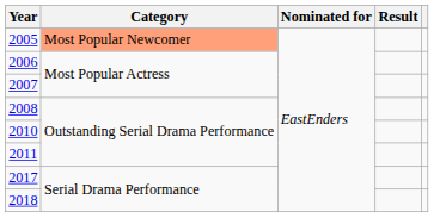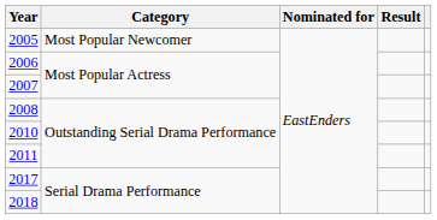 <table class="wikitable plainrowheaders">
 <tr>
 <th scope="col">Year</th>
 <th scope="col">Category</th>
 <th scope="col">Nominated for</th>
 <th scope="col">Result</th>
 <th scope="col"></th>
 </tr>
 <tr>
 <td align="center"><a href='#'>2005</a></td>
-<td style="background: lightsalmon;">Most Popular Newcomer</td>
+<td>Most Popular Newcomer</td>
 <td rowspan="8"><em>EastEnders</em></td>
 <td></td>
 <td align="center"></td>
 </tr>
 <tr>
 <td align="center"><a href='#'>2006</a></td>
 <td rowspan="2">Most Popular Actress</td>
 <td></td>
 <td align="center"></td>
 </tr>
 <tr>
 <td align="center"><a href='#'>2007</a></td>
 <td></td>
 <td align="center"></td>
 </tr>
 <tr>
 <td align="center"><a href='#'>2008</a></td>
 <td rowspan="3">Outstanding Serial Drama Performance</td>
 <td></td>
 <td align="center"></td>
 </tr>
 <tr>
 <td align="center"><a href='#'>2010</a></td>
 <td></td>
 <td align="center"></td>
 </tr>
 <tr>
 <td align="center"><a href='#'>2011</a></td>
 <td></td>
 <td align="center"></td>
 </tr>
 <tr>
 <td align="center"><a href='#'>2017</a></td>
 <td rowspan="2">Serial Drama Performance</td>
 <td></td>
 <td align="center"></td>
 </tr>
 <tr>
 <td align="center"><a href='#'>2018</a></td>
 <td></td>
 <td align="center"></td>
 </tr>
 </table>
